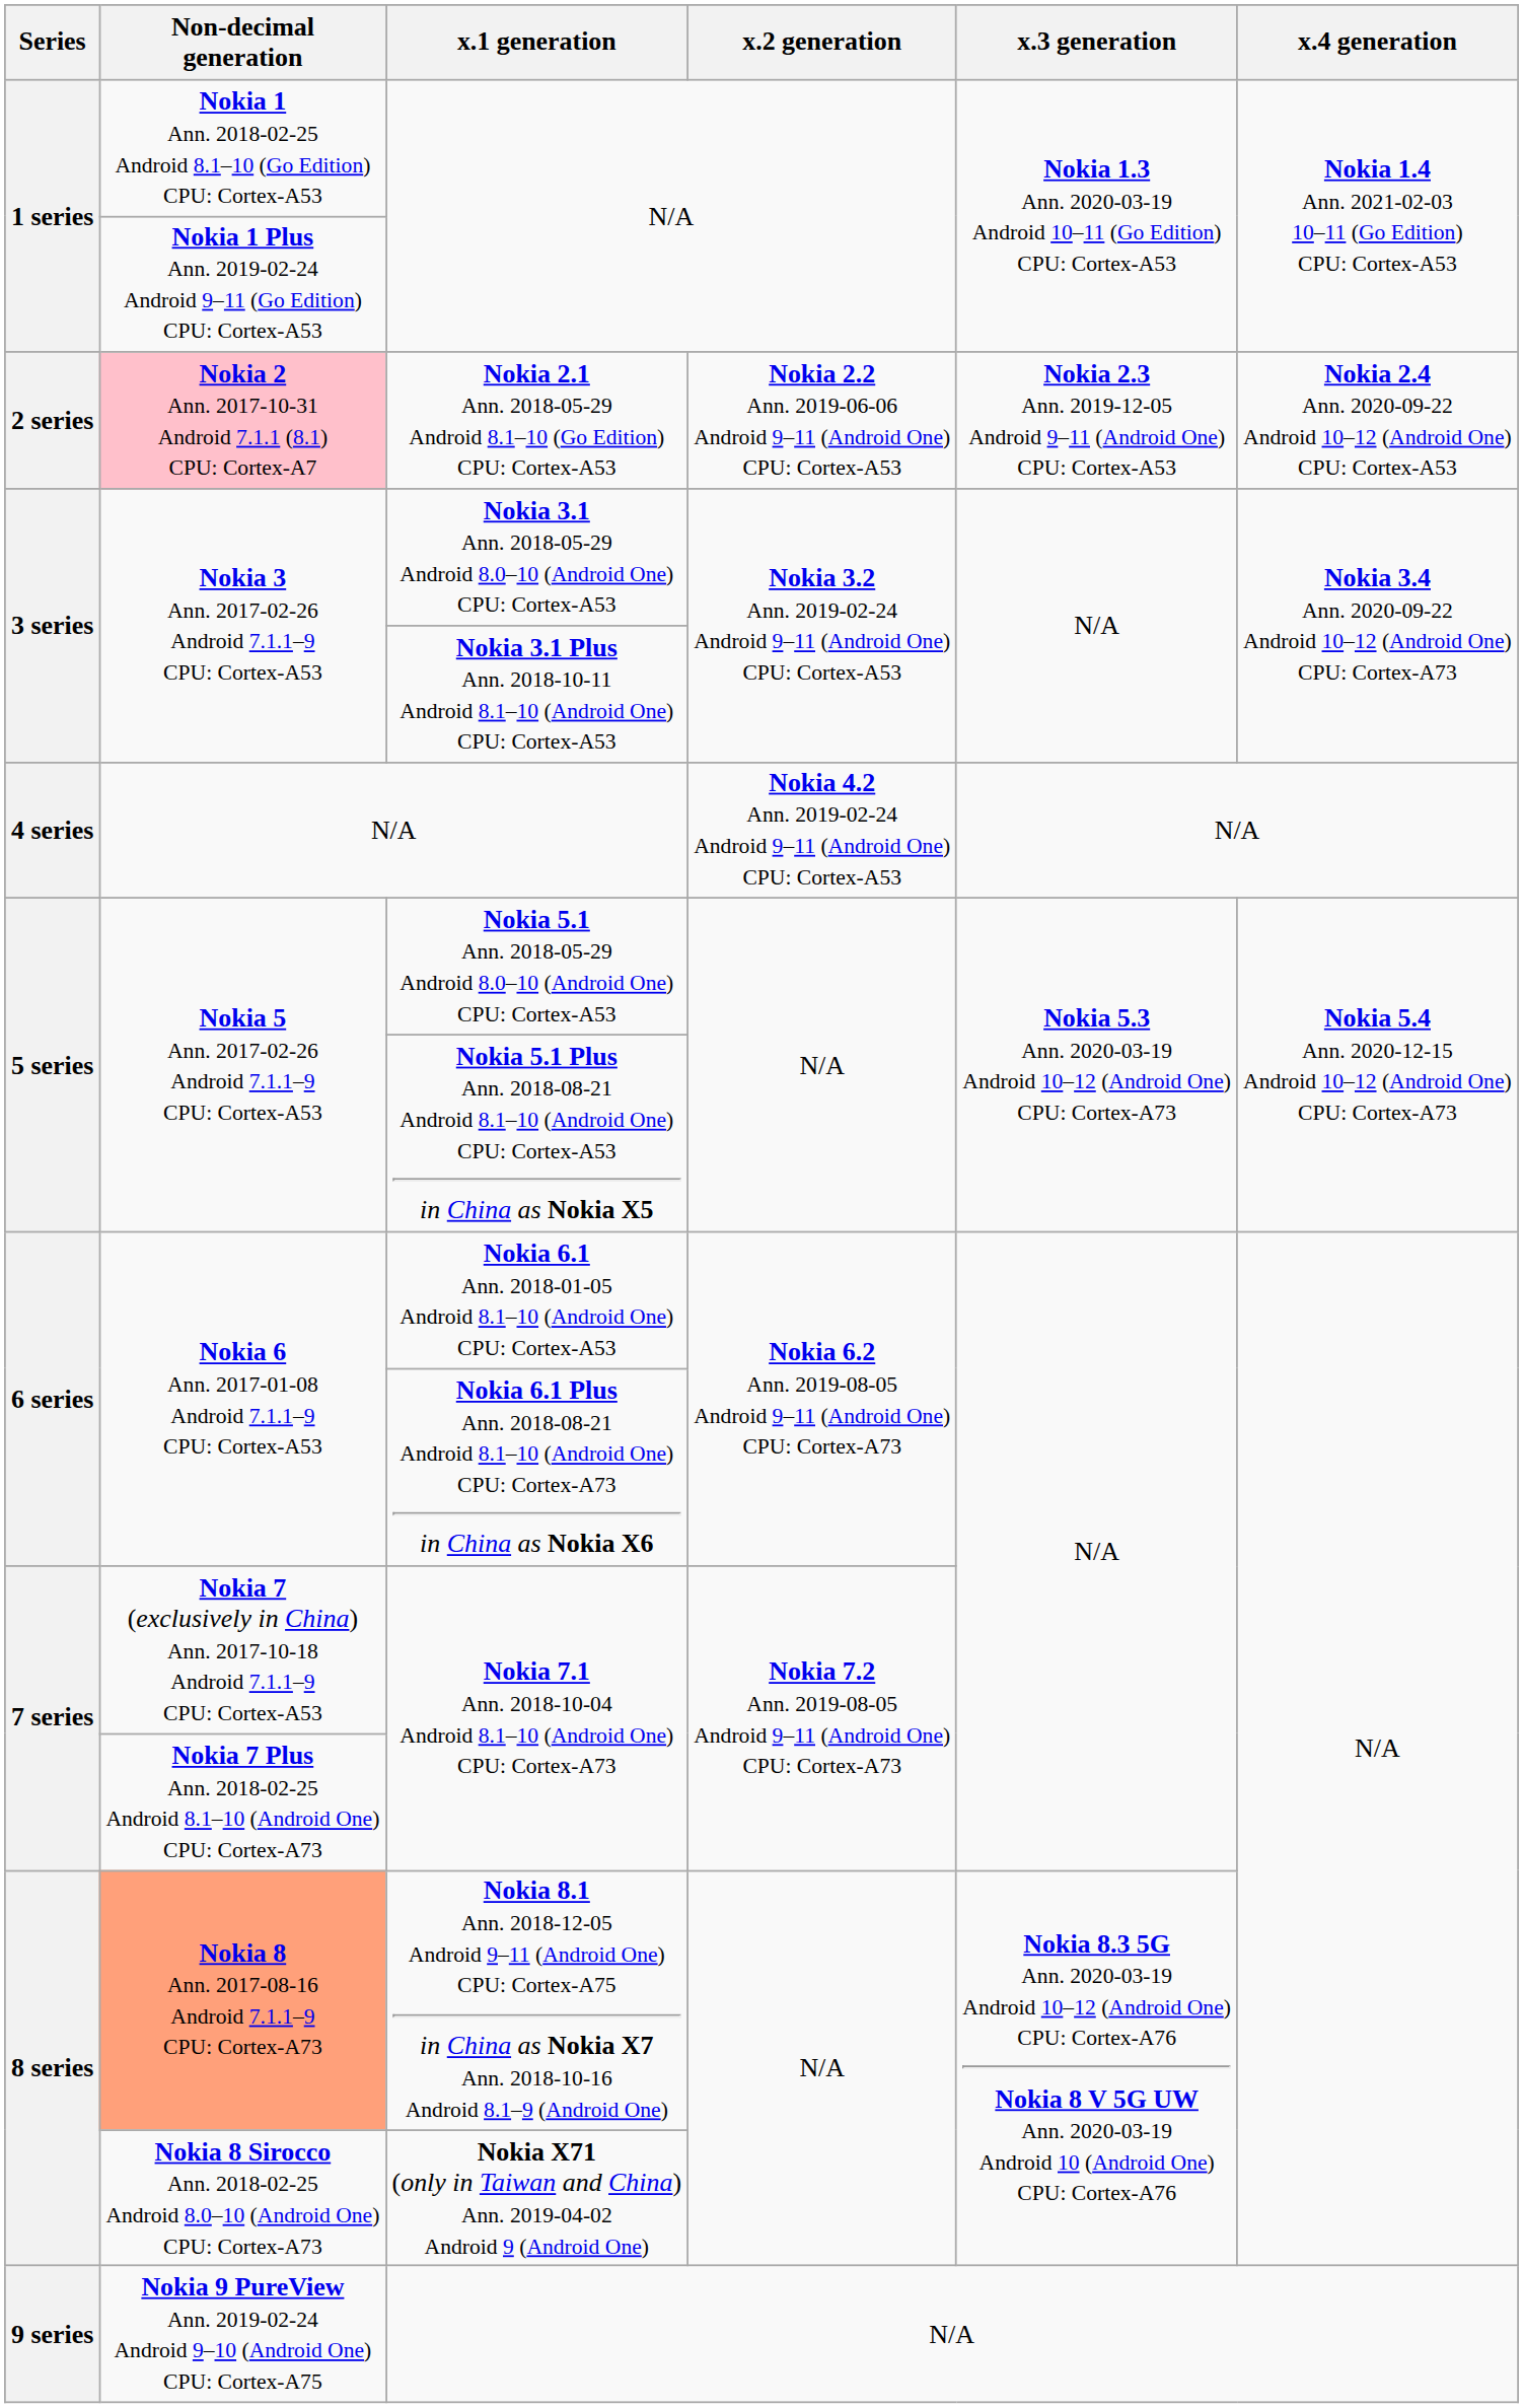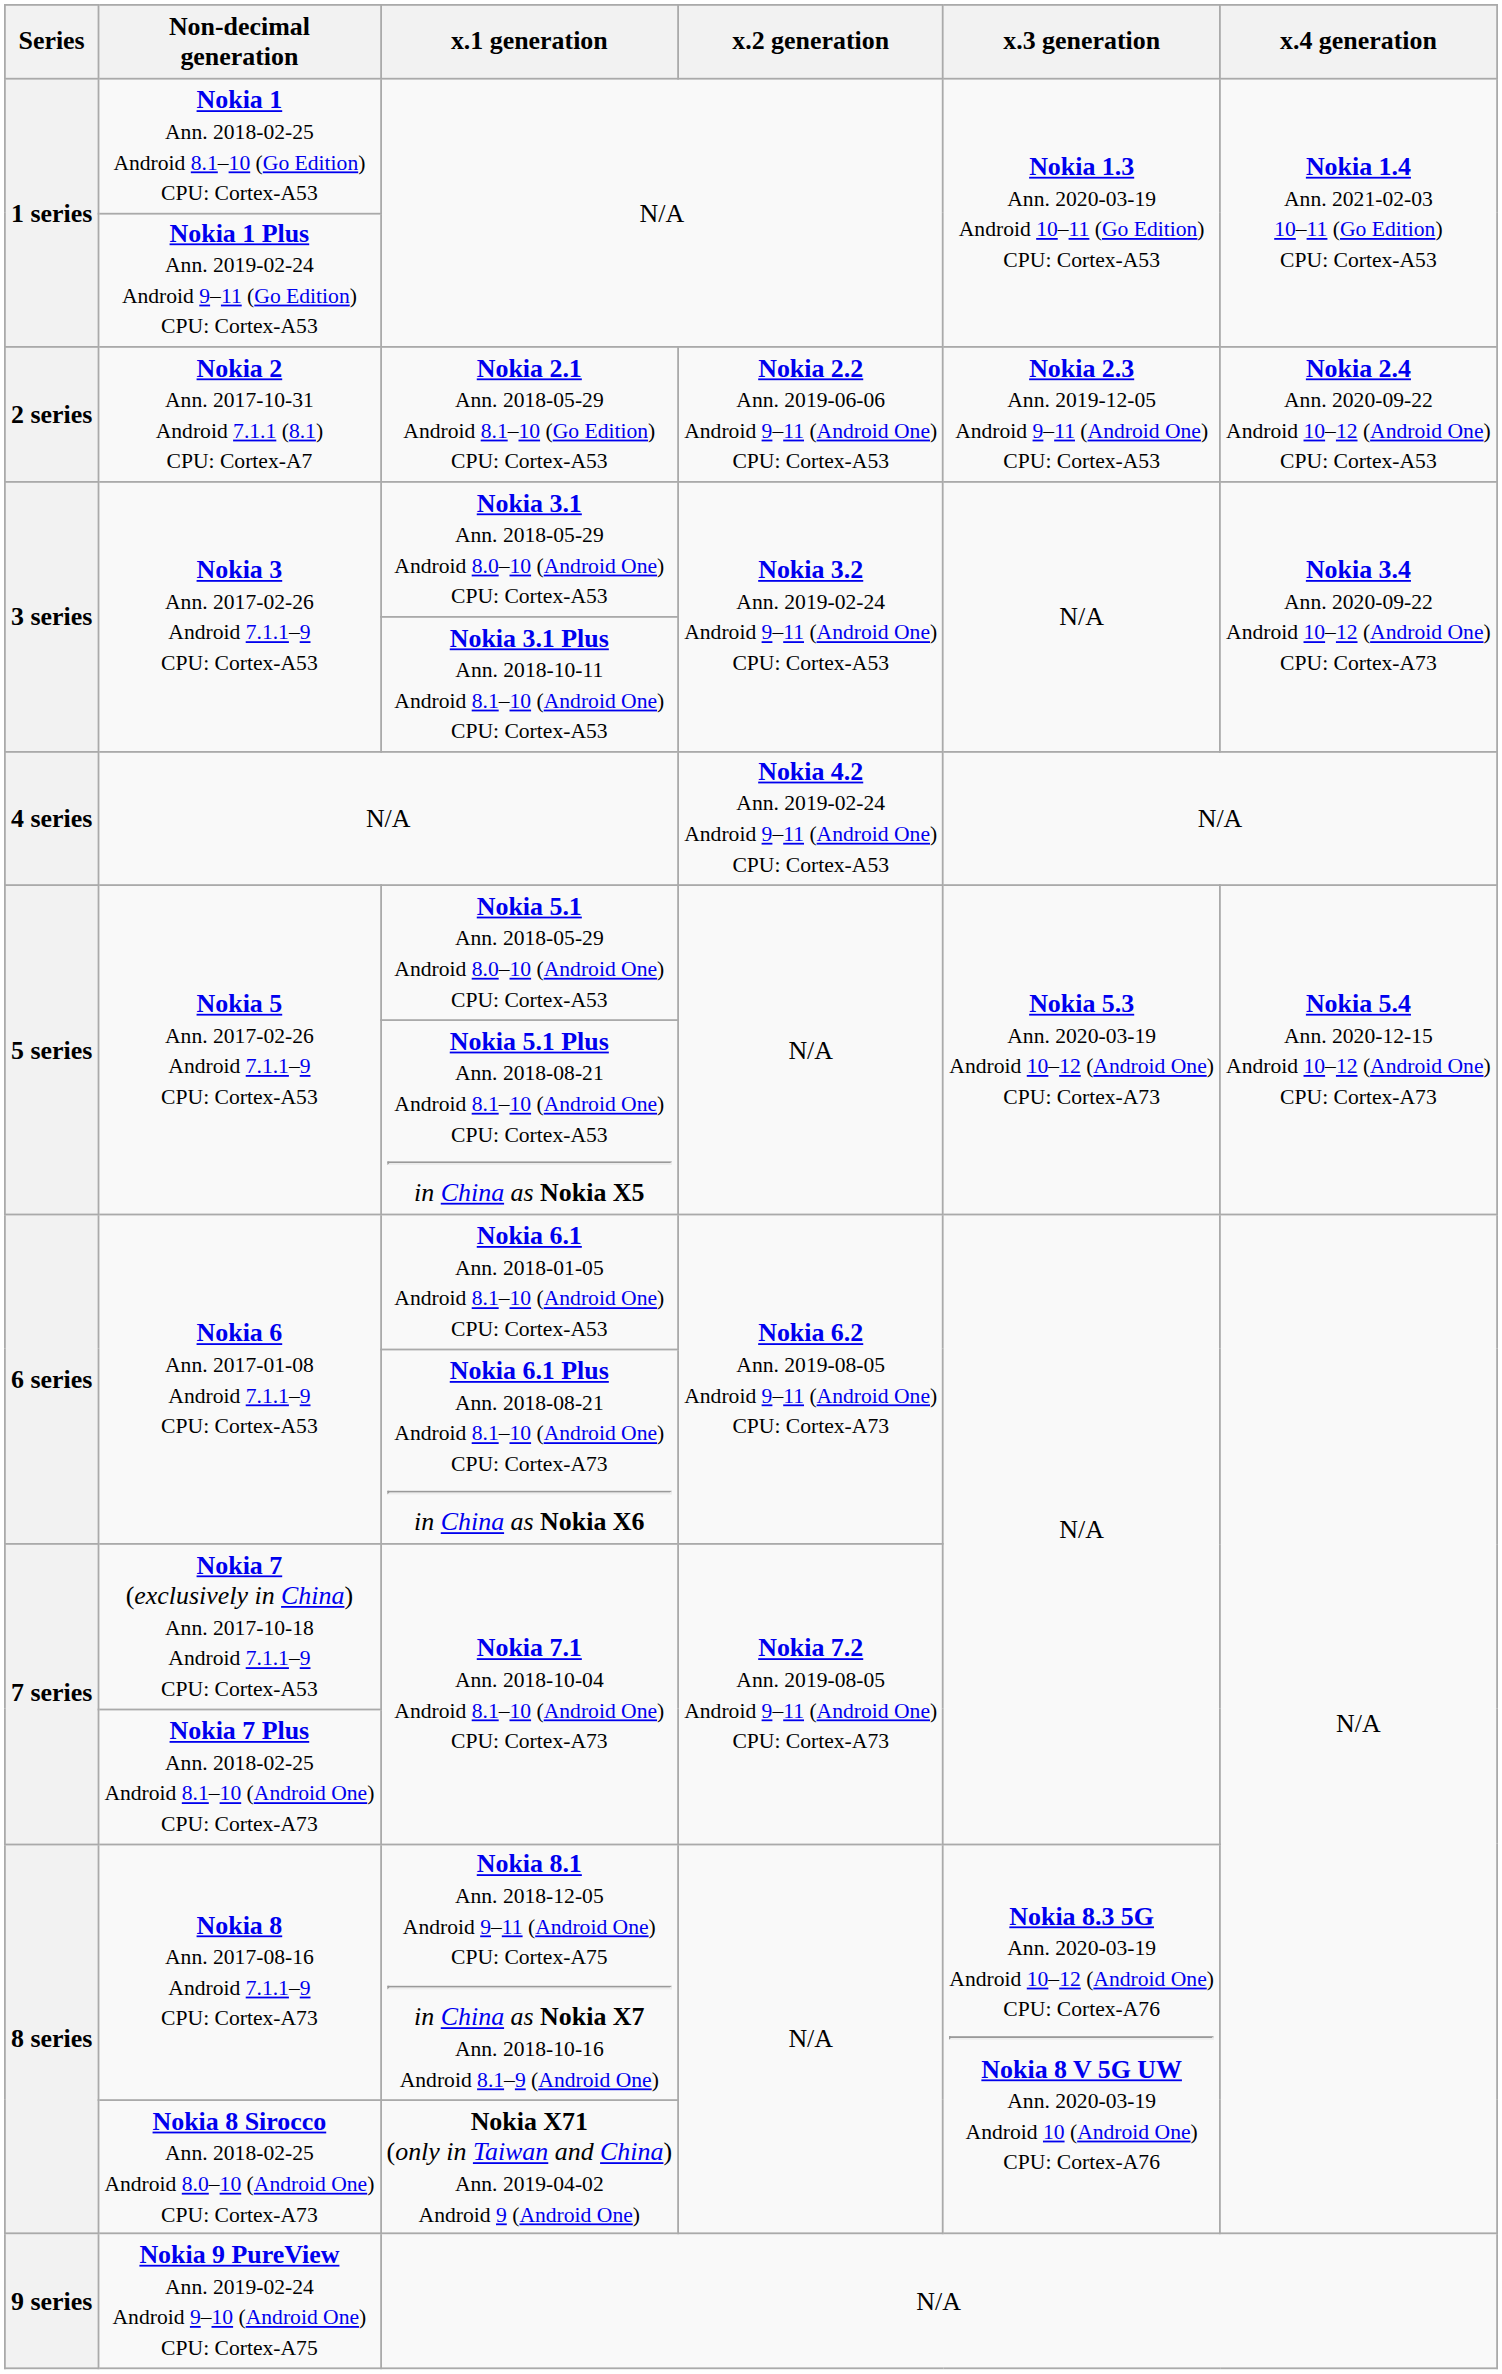 <table class="wikitable" style="font-size:90%; text-align:center">
 <tr>
 <th>Series</th>
 <th>Non-decimal<br>generation</th>
 <th>x.1 generation</th>
 <th>x.2 generation</th>
 <th>x.3 generation</th>
 <th>x.4 generation</th>
 </tr>
 <tr>
 <th rowspan=2>1 series</th>
 <td><strong><a href='#'>Nokia 1</a></strong><br><small>Ann. 2018-02-25<br>Android <a href='#'>8.1</a>–<a href='#'>10</a> (<a href='#'>Go Edition</a>)<br>CPU: Cortex-A53</small></td>
 <td colspan=2 rowspan=2>N/A</td>
 <td rowspan=2><strong><a href='#'>Nokia 1.3</a></strong><br><small>Ann. 2020-03-19<br>Android <a href='#'>10</a>–<a href='#'>11</a> (<a href='#'>Go Edition</a>)<br>CPU: Cortex-A53</small></td>
 <td rowspan=2><strong><a href='#'>Nokia 1.4</a></strong><br><small>Ann. 2021-02-03<br><a href='#'>10</a>–<a href='#'>11</a> (<a href='#'>Go Edition</a>)<br>CPU: Cortex-A53</small></td>
 </tr>
 <tr>
 <td><strong><a href='#'>Nokia 1 Plus</a></strong><br><small>Ann. 2019-02-24<br>Android <a href='#'>9</a>–<a href='#'>11</a> (<a href='#'>Go Edition</a>)<br>CPU: Cortex-A53</small></td>
 </tr>
 <tr>
 <th>2 series</th>
-<td style="background: pink;"><strong><a href='#'>Nokia 2</a></strong><br><small>Ann. 2017-10-31<br>Android <a href='#'>7.1.1</a> (<a href='#'>8.1</a>)<br>CPU: Cortex-A7</small></td>
+<td><strong><a href='#'>Nokia 2</a></strong><br><small>Ann. 2017-10-31<br>Android <a href='#'>7.1.1</a> (<a href='#'>8.1</a>)<br>CPU: Cortex-A7</small></td>
 <td><strong><a href='#'>Nokia 2.1</a></strong><br><small>Ann. 2018-05-29<br>Android <a href='#'>8.1</a>–<a href='#'>10</a> (<a href='#'>Go Edition</a>)<br>CPU: Cortex-A53</small></td>
 <td><strong><a href='#'>Nokia 2.2</a></strong><br><small>Ann. 2019-06-06<br>Android <a href='#'>9</a>–<a href='#'>11</a> (<a href='#'>Android One</a>)<br>CPU: Cortex-A53</small></td>
 <td><strong><a href='#'>Nokia 2.3</a></strong><br><small>Ann. 2019-12-05<br>Android <a href='#'>9</a>–<a href='#'>11</a> (<a href='#'>Android One</a>)<br>CPU: Cortex-A53</small></td>
 <td><strong><a href='#'>Nokia 2.4</a></strong><br><small>Ann. 2020-09-22<br>Android <a href='#'>10</a>–<a href='#'>12</a> (<a href='#'>Android One</a>)<br>CPU: Cortex-A53</small></td>
 </tr>
 <tr>
 <th rowspan=2>3 series</th>
 <td rowspan=2><strong><a href='#'>Nokia 3</a></strong><br><small>Ann. 2017-02-26<br>Android <a href='#'>7.1.1</a>–<a href='#'>9</a><br>CPU: Cortex-A53</small></td>
 <td><strong><a href='#'>Nokia 3.1</a></strong><br><small>Ann. 2018-05-29<br>Android <a href='#'>8.0</a>–<a href='#'>10</a> (<a href='#'>Android One</a>)<br>CPU: Cortex-A53</small></td>
 <td rowspan=2><strong><a href='#'>Nokia 3.2</a></strong><br><small>Ann. 2019-02-24<br>Android <a href='#'>9</a>–<a href='#'>11</a> (<a href='#'>Android One</a>)<br>CPU: Cortex-A53</small></td>
 <td rowspan=2>N/A</td>
 <td rowspan=2><strong><a href='#'>Nokia 3.4</a></strong><br><small>Ann. 2020-09-22<br>Android <a href='#'>10</a>–<a href='#'>12</a> (<a href='#'>Android One</a>)<br>CPU: Cortex-A73</small></td>
 </tr>
 <tr>
 <td><strong><a href='#'>Nokia 3.1 Plus</a></strong><br><small>Ann. 2018-10-11<br>Android <a href='#'>8.1</a>–<a href='#'>10</a> (<a href='#'>Android One</a>)<br>CPU: Cortex-A53</small></td>
 </tr>
 <tr>
 <th>4 series</th>
 <td colspan=2>N/A</td>
 <td><strong><a href='#'>Nokia 4.2</a></strong><br><small>Ann. 2019-02-24<br>Android <a href='#'>9</a>–<a href='#'>11</a> (<a href='#'>Android One</a>)<br>CPU: Cortex-A53</small></td>
 <td colspan=2>N/A</td>
 </tr>
 <tr>
 <th rowspan=2>5 series</th>
 <td rowspan=2><strong><a href='#'>Nokia 5</a></strong><br><small>Ann. 2017-02-26<br>Android <a href='#'>7.1.1</a>–<a href='#'>9</a><br>CPU: Cortex-A53</small></td>
 <td><strong><a href='#'>Nokia 5.1</a></strong><br><small>Ann. 2018-05-29<br>Android <a href='#'>8.0</a>–<a href='#'>10</a> (<a href='#'>Android One</a>)<br>CPU: Cortex-A53</small></td>
 <td rowspan=2>N/A</td>
 <td rowspan=2><strong><a href='#'>Nokia 5.3</a></strong><br><small>Ann. 2020-03-19<br>Android <a href='#'>10</a>–<a href='#'>12</a> (<a href='#'>Android One</a>)<br>CPU: Cortex-A73</small></td>
 <td rowspan=2><strong><a href='#'>Nokia 5.4</a></strong><br><small>Ann. 2020-12-15<br>Android <a href='#'>10</a>–<a href='#'>12</a> (<a href='#'>Android One</a>)<br>CPU: Cortex-A73</small></td>
 </tr>
 <tr>
 <td><strong><a href='#'>Nokia 5.1 Plus</a></strong><br><small>Ann. 2018-08-21<br>Android <a href='#'>8.1</a>–<a href='#'>10</a> (<a href='#'>Android One</a>)<br>CPU: Cortex-A53</small><hr><em>in <a href='#'>China</a> as</em> <strong>Nokia X5</strong></td>
 </tr>
 <tr>
 <th rowspan=2>6 series</th>
 <td rowspan=2><strong><a href='#'>Nokia 6</a></strong><br><small>Ann. 2017-01-08<br>Android <a href='#'>7.1.1</a>–<a href='#'>9</a><br>CPU: Cortex-A53</small></td>
 <td><strong><a href='#'>Nokia 6.1</a></strong><br><small>Ann. 2018-01-05<br>Android <a href='#'>8.1</a>–<a href='#'>10</a> (<a href='#'>Android One</a>)<br>CPU: Cortex-A53</small></td>
 <td rowspan=2><strong><a href='#'>Nokia 6.2</a></strong><br><small>Ann. 2019-08-05<br>Android <a href='#'>9</a>–<a href='#'>11</a> (<a href='#'>Android One</a>)<br>CPU: Cortex-A73</small></td>
 <td rowspan=4>N/A</td>
 <td rowspan=6>N/A</td>
 </tr>
 <tr>
 <td><strong><a href='#'>Nokia 6.1 Plus</a></strong><br><small>Ann. 2018-08-21<br>Android <a href='#'>8.1</a>–<a href='#'>10</a> (<a href='#'>Android One</a>)<br>CPU: Cortex-A73</small><hr><em>in <a href='#'>China</a> as</em> <strong>Nokia X6</strong></td>
 </tr>
 <tr>
 <th rowspan=2>7 series</th>
 <td><strong><a href='#'>Nokia 7</a></strong><br>(<em>exclusively in <a href='#'>China</a></em>)<br><small>Ann. 2017-10-18<br>Android <a href='#'>7.1.1</a>–<a href='#'>9</a><br>CPU: Cortex-A53</small></td>
 <td rowspan=2><strong><a href='#'>Nokia 7.1</a></strong><br><small>Ann. 2018-10-04<br>Android <a href='#'>8.1</a>–<a href='#'>10</a> (<a href='#'>Android One</a>)<br>CPU: Cortex-A73</small></td>
 <td rowspan=2><strong><a href='#'>Nokia 7.2</a></strong><br><small>Ann. 2019-08-05<br>Android <a href='#'>9</a>–<a href='#'>11</a> (<a href='#'>Android One</a>)<br>CPU: Cortex-A73</small></td>
 </tr>
 <tr>
 <td><strong><a href='#'>Nokia 7 Plus</a></strong><br><small>Ann. 2018-02-25<br>Android <a href='#'>8.1</a>–<a href='#'>10</a> (<a href='#'>Android One</a>)<br>CPU: Cortex-A73</small></td>
 </tr>
 <tr>
 <th rowspan=2>8 series</th>
-<td style="background: lightsalmon;"><strong><a href='#'>Nokia 8</a></strong><br><small>Ann. 2017-08-16<br>Android <a href='#'>7.1.1</a>–<a href='#'>9</a><br>CPU: Cortex-A73</small></td>
+<td><strong><a href='#'>Nokia 8</a></strong><br><small>Ann. 2017-08-16<br>Android <a href='#'>7.1.1</a>–<a href='#'>9</a><br>CPU: Cortex-A73</small></td>
 <td><strong><a href='#'>Nokia 8.1</a></strong><br><small>Ann. 2018-12-05<br>Android <a href='#'>9</a>–<a href='#'>11</a> (<a href='#'>Android One</a>)<br>CPU: Cortex-A75</small><hr><em>in <a href='#'>China</a> as</em> <strong>Nokia X7</strong><br><small>Ann. 2018-10-16<br>Android <a href='#'>8.1</a>–<a href='#'>9</a> (<a href='#'>Android One</a>)</small></td>
 <td rowspan=2>N/A</td>
 <td rowspan=2><strong><a href='#'>Nokia 8.3 5G</a></strong><br><small>Ann. 2020-03-19<br>Android <a href='#'>10</a>–<a href='#'>12</a> (<a href='#'>Android One</a>)<br>CPU: Cortex-A76</small><hr><strong><a href='#'>Nokia 8 V 5G UW</a></strong><br><small>Ann. 2020-03-19<br>Android <a href='#'>10</a> (<a href='#'>Android One</a>)<br>CPU: Cortex-A76</small></td>
 </tr>
 <tr>
 <td><strong><a href='#'>Nokia 8 Sirocco</a></strong><br><small>Ann. 2018-02-25<br>Android <a href='#'>8.0</a>–<a href='#'>10</a> (<a href='#'>Android One</a>)<br>CPU: Cortex-A73</small></td>
 <td><strong>Nokia X71</strong><br>(<em>only in <a href='#'>Taiwan</a> and <a href='#'>China</a></em>)<br><small>Ann. 2019-04-02<br>Android <a href='#'>9</a> (<a href='#'>Android One</a>)</small></td>
 </tr>
 <tr>
 <th>9 series</th>
 <td><strong><a href='#'>Nokia 9 PureView</a></strong><br><small>Ann. 2019-02-24<br>Android <a href='#'>9</a>–<a href='#'>10</a> (<a href='#'>Android One</a>)<br>CPU: Cortex-A75</small></td>
 <td colspan=4>N/A</td>
 </tr>
 </table>
